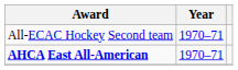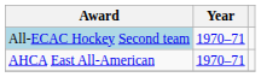 <table class="wikitable">
 <tr>
 <th>Award</th>
 <th>Year</th>
 <th></th>
 </tr>
 <tr>
-<td>All-<a href='#'>ECAC Hockey</a> <a href='#'>Second team</a></td>
+<td style="background: lightblue;">All-<a href='#'>ECAC Hockey</a> <a href='#'>Second team</a></td>
 <td><a href='#'>1970–71</a></td>
 <td></td>
 </tr>
 <tr>
-<td><strong><a href='#'>AHCA</a> <a href='#'>East All-American</a></strong></td>
+<td><a href='#'>AHCA</a> <a href='#'>East All-American</a></td>
 <td><a href='#'>1970–71</a></td>
 <td></td>
 </tr>
 <tr>
 </tr>
 </table>
